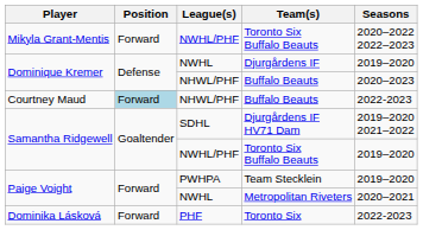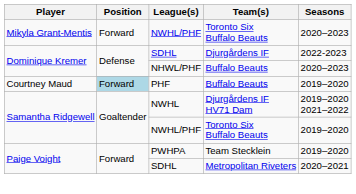 <table class="wikitable sortable">
 <tr>
 <th>Player</th>
 <th>Position</th>
 <th>League(s)</th>
 <th>Team(s)</th>
 <th>Seasons</th>
 </tr>
 <tr>
 <td><a href='#'>Mikyla Grant-Mentis</a></td>
 <td>Forward</td>
 <td><a href='#'>NWHL/PHF</a></td>
 <td><a href='#'>Toronto Six</a><br><a href='#'>Buffalo Beauts</a></td>
-<td>2020–2022<br>2022–2023</td>
+<td>2020–2023</td>
 </tr>
 <tr>
 <td rowspan=2><a href='#'>Dominique Kremer</a></td>
 <td rowspan=2>Defense</td>
-<td>NWHL</td>
+<td><a href='#'>SDHL</a></td>
 <td><a href='#'>Djurgårdens IF</a></td>
-<td>2019–2020</td>
+<td>2022-2023</td>
 </tr>
 <tr>
 <td>NHWL/PHF</td>
 <td><a href='#'>Buffalo Beauts</a></td>
 <td>2020–2023</td>
 </tr>
 <tr>
 <td>Courtney Maud</td>
 <td style="background: lightblue;">Forward</td>
-<td>NHWL/PHF</td>
+<td>PHF</td>
 <td><a href='#'>Buffalo Beauts</a></td>
-<td>2022-2023</td>
+<td>2019–2020</td>
 </tr>
 <tr>
 <td rowspan=2><a href='#'>Samantha Ridgewell</a></td>
 <td rowspan=2>Goaltender</td>
-<td>SDHL</td>
+<td>NWHL</td>
 <td><a href='#'>Djurgårdens IF</a><br><a href='#'>HV71 Dam</a></td>
 <td>2019–2020<br>2021–2022</td>
 </tr>
 <tr>
 <td>NWHL/PHF</td>
 <td><a href='#'>Toronto Six</a><br><a href='#'>Buffalo Beauts</a></td>
 <td>2019–2020</td>
 </tr>
 <tr>
 <td rowspan=2><a href='#'>Paige Voight</a></td>
 <td rowspan=2>Forward</td>
 <td>PWHPA</td>
 <td>Team Stecklein</td>
 <td>2019–2020</td>
 </tr>
 <tr>
-<td>NWHL</td>
+<td>SDHL</td>
 <td><a href='#'>Metropolitan Riveters</a></td>
 <td>2020–2021</td>
 </tr>
-<tr>
-<td><a href='#'>Dominika Lásková</a></td>
-<td>Forward</td>
-<td><a href='#'>PHF</a></td>
-<td><a href='#'>Toronto Six</a></td>
-<td>2022-2023</td>
-</tr>
 </table>
